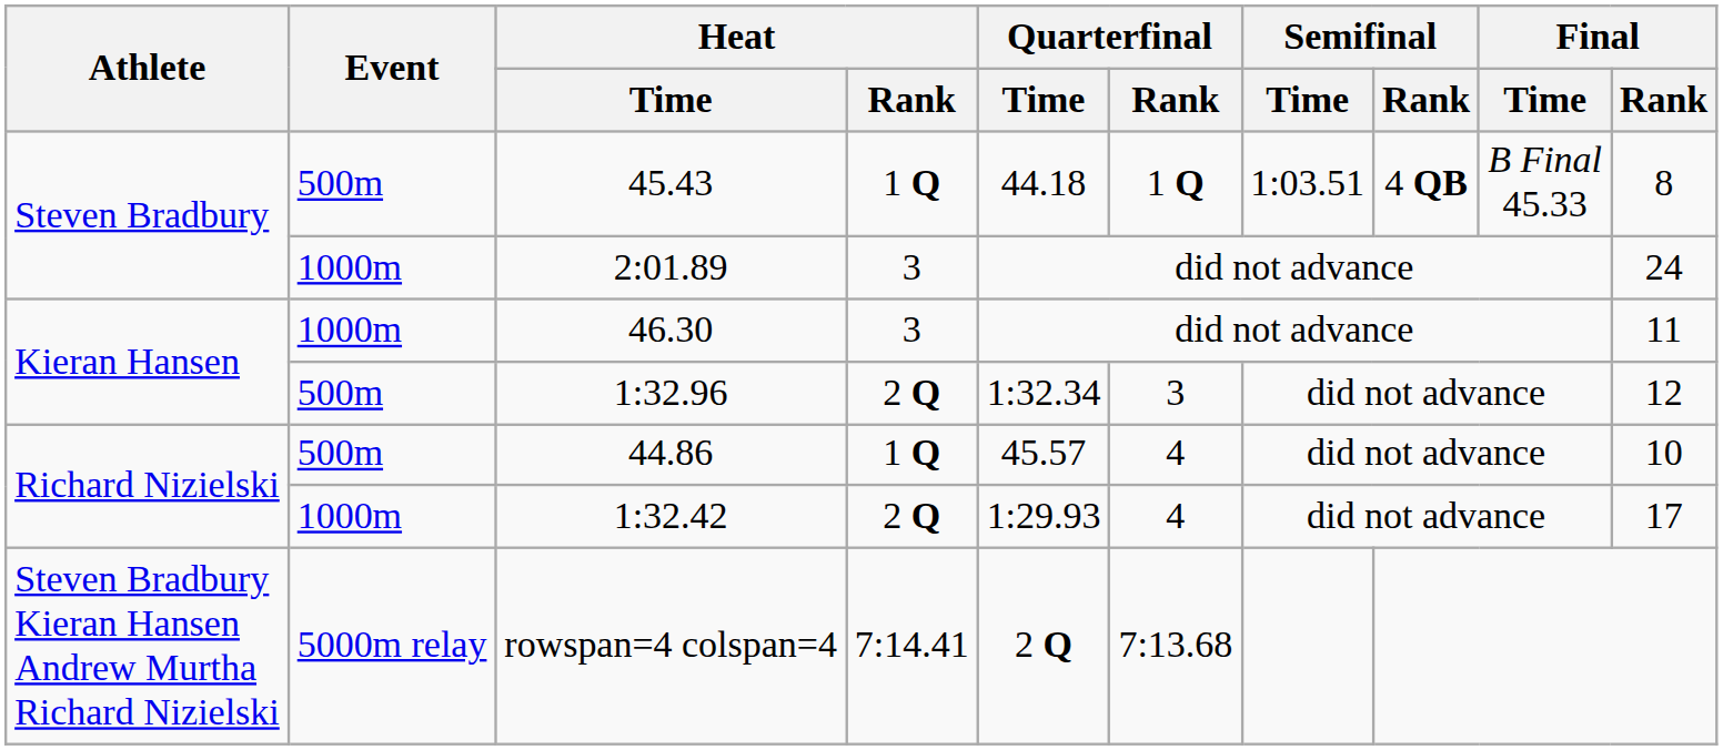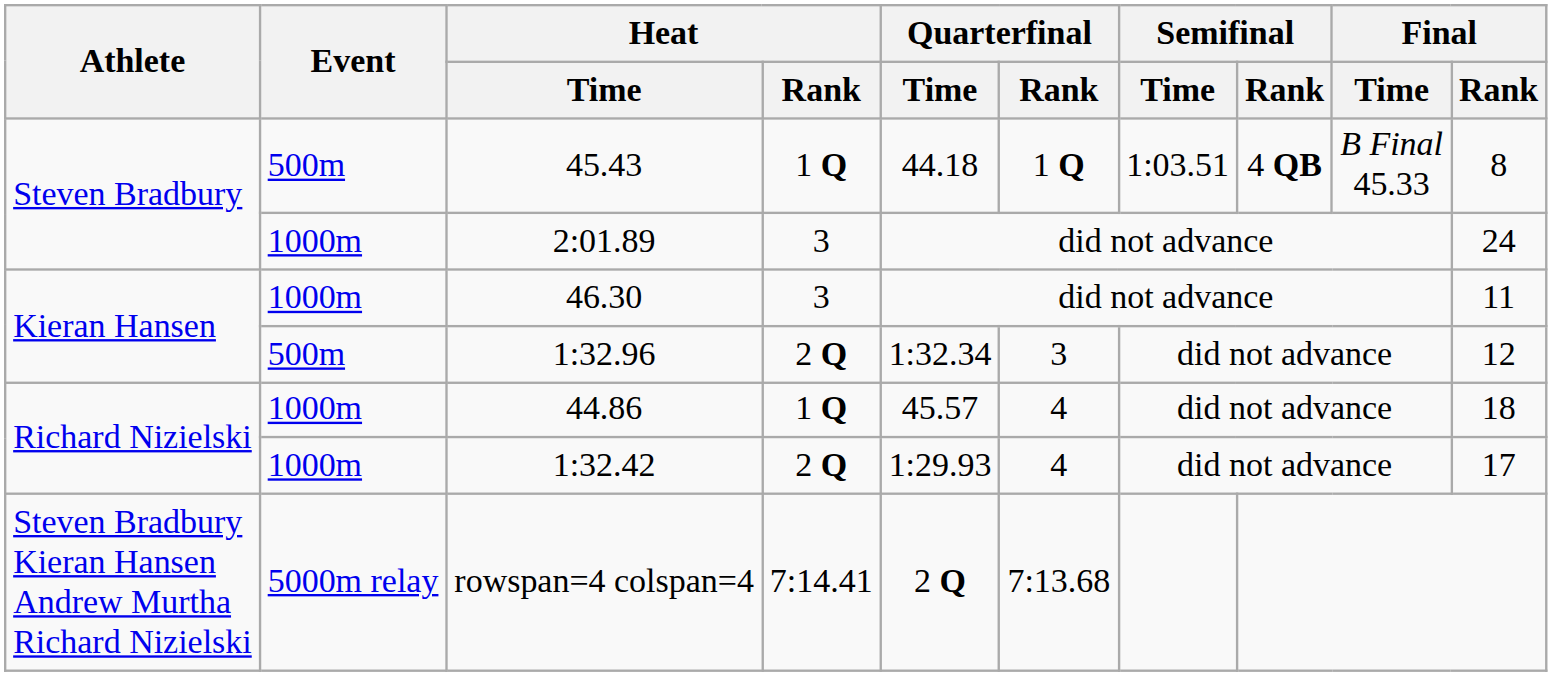 <table class="wikitable" style="font-size:90%">
 <tr>
 <th rowspan="2">Athlete</th>
 <th rowspan="2">Event</th>
 <th colspan="2">Heat</th>
 <th colspan="2">Quarterfinal</th>
 <th colspan="2">Semifinal</th>
 <th colspan="2">Final</th>
 </tr>
 <tr>
 <th>Time</th>
 <th>Rank</th>
 <th>Time</th>
 <th>Rank</th>
 <th>Time</th>
 <th>Rank</th>
 <th>Time</th>
 <th>Rank</th>
 </tr>
 <tr align="center">
 <td align="left" rowspan=2><a href='#'>Steven Bradbury</a></td>
 <td align="left"><a href='#'>500m</a></td>
 <td>45.43</td>
 <td>1 <strong>Q</strong></td>
 <td>44.18</td>
 <td>1 <strong>Q</strong></td>
 <td>1:03.51</td>
 <td>4 <strong>QB</strong></td>
 <td><em>B Final</em> <br> 45.33</td>
 <td>8</td>
 </tr>
 <tr align="center">
 <td align="left"><a href='#'>1000m</a></td>
 <td>2:01.89</td>
 <td>3</td>
 <td colspan=5>did not advance</td>
 <td>24</td>
 </tr>
 <tr align="center">
 <td align="left" rowspan=2><a href='#'>Kieran Hansen</a></td>
 <td align="left"><a href='#'>1000m</a></td>
 <td>46.30</td>
 <td>3</td>
 <td colspan=5>did not advance</td>
 <td>11</td>
 </tr>
 <tr align="center">
 <td align="left"><a href='#'>500m</a></td>
 <td>1:32.96</td>
 <td>2 <strong>Q</strong></td>
 <td>1:32.34</td>
 <td>3</td>
 <td colspan=3>did not advance</td>
 <td>12</td>
 </tr>
 <tr align="center">
 <td align="left" rowspan=2><a href='#'>Richard Nizielski</a></td>
-<td align="left"><a href='#'>500m</a></td>
+<td align="left"><a href='#'>1000m</a></td>
 <td>44.86 </td>
 <td>1 <strong>Q</strong></td>
 <td>45.57</td>
 <td>4</td>
 <td colspan=3>did not advance</td>
-<td>10</td>
+<td>18</td>
 </tr>
 <tr align="center">
 <td align="left"><a href='#'>1000m</a></td>
 <td>1:32.42</td>
 <td>2 <strong>Q</strong></td>
 <td>1:29.93</td>
 <td>4</td>
 <td colspan=3>did not advance</td>
 <td>17</td>
 </tr>
 <tr align="center">
 <td align="left" rowspan=2><a href='#'>Steven Bradbury</a> <br> <a href='#'>Kieran Hansen</a> <br> <a href='#'>Andrew Murtha</a> <br> <a href='#'>Richard Nizielski</a></td>
 <td rowspan=4 align="left"><a href='#'>5000m relay</a></td>
 <td>rowspan=4 colspan=4 </td>
 <td rowspan=4>7:14.41</td>
 <td rowspan=4>2 <strong>Q</strong></td>
 <td rowspan=4>7:13.68</td>
 <td rowspan=4></td>
 </tr>
 </table>
